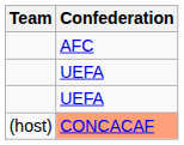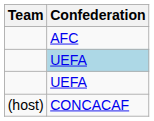 <table class="wikitable sortable">
 <tr>
 <th>Team</th>
 <th>Confederation</th>
 </tr>
 <tr>
 <td></td>
 <td><a href='#'>AFC</a></td>
 </tr>
 <tr>
 <td></td>
-<td><a href='#'>UEFA</a></td>
+<td style="background: lightblue;"><a href='#'>UEFA</a></td>
 </tr>
 <tr>
 <td></td>
 <td><a href='#'>UEFA</a></td>
 </tr>
 <tr>
 <td> (host)</td>
-<td style="background: lightsalmon;"><a href='#'>CONCACAF</a></td>
+<td><a href='#'>CONCACAF</a></td>
 </tr>
 </table>
